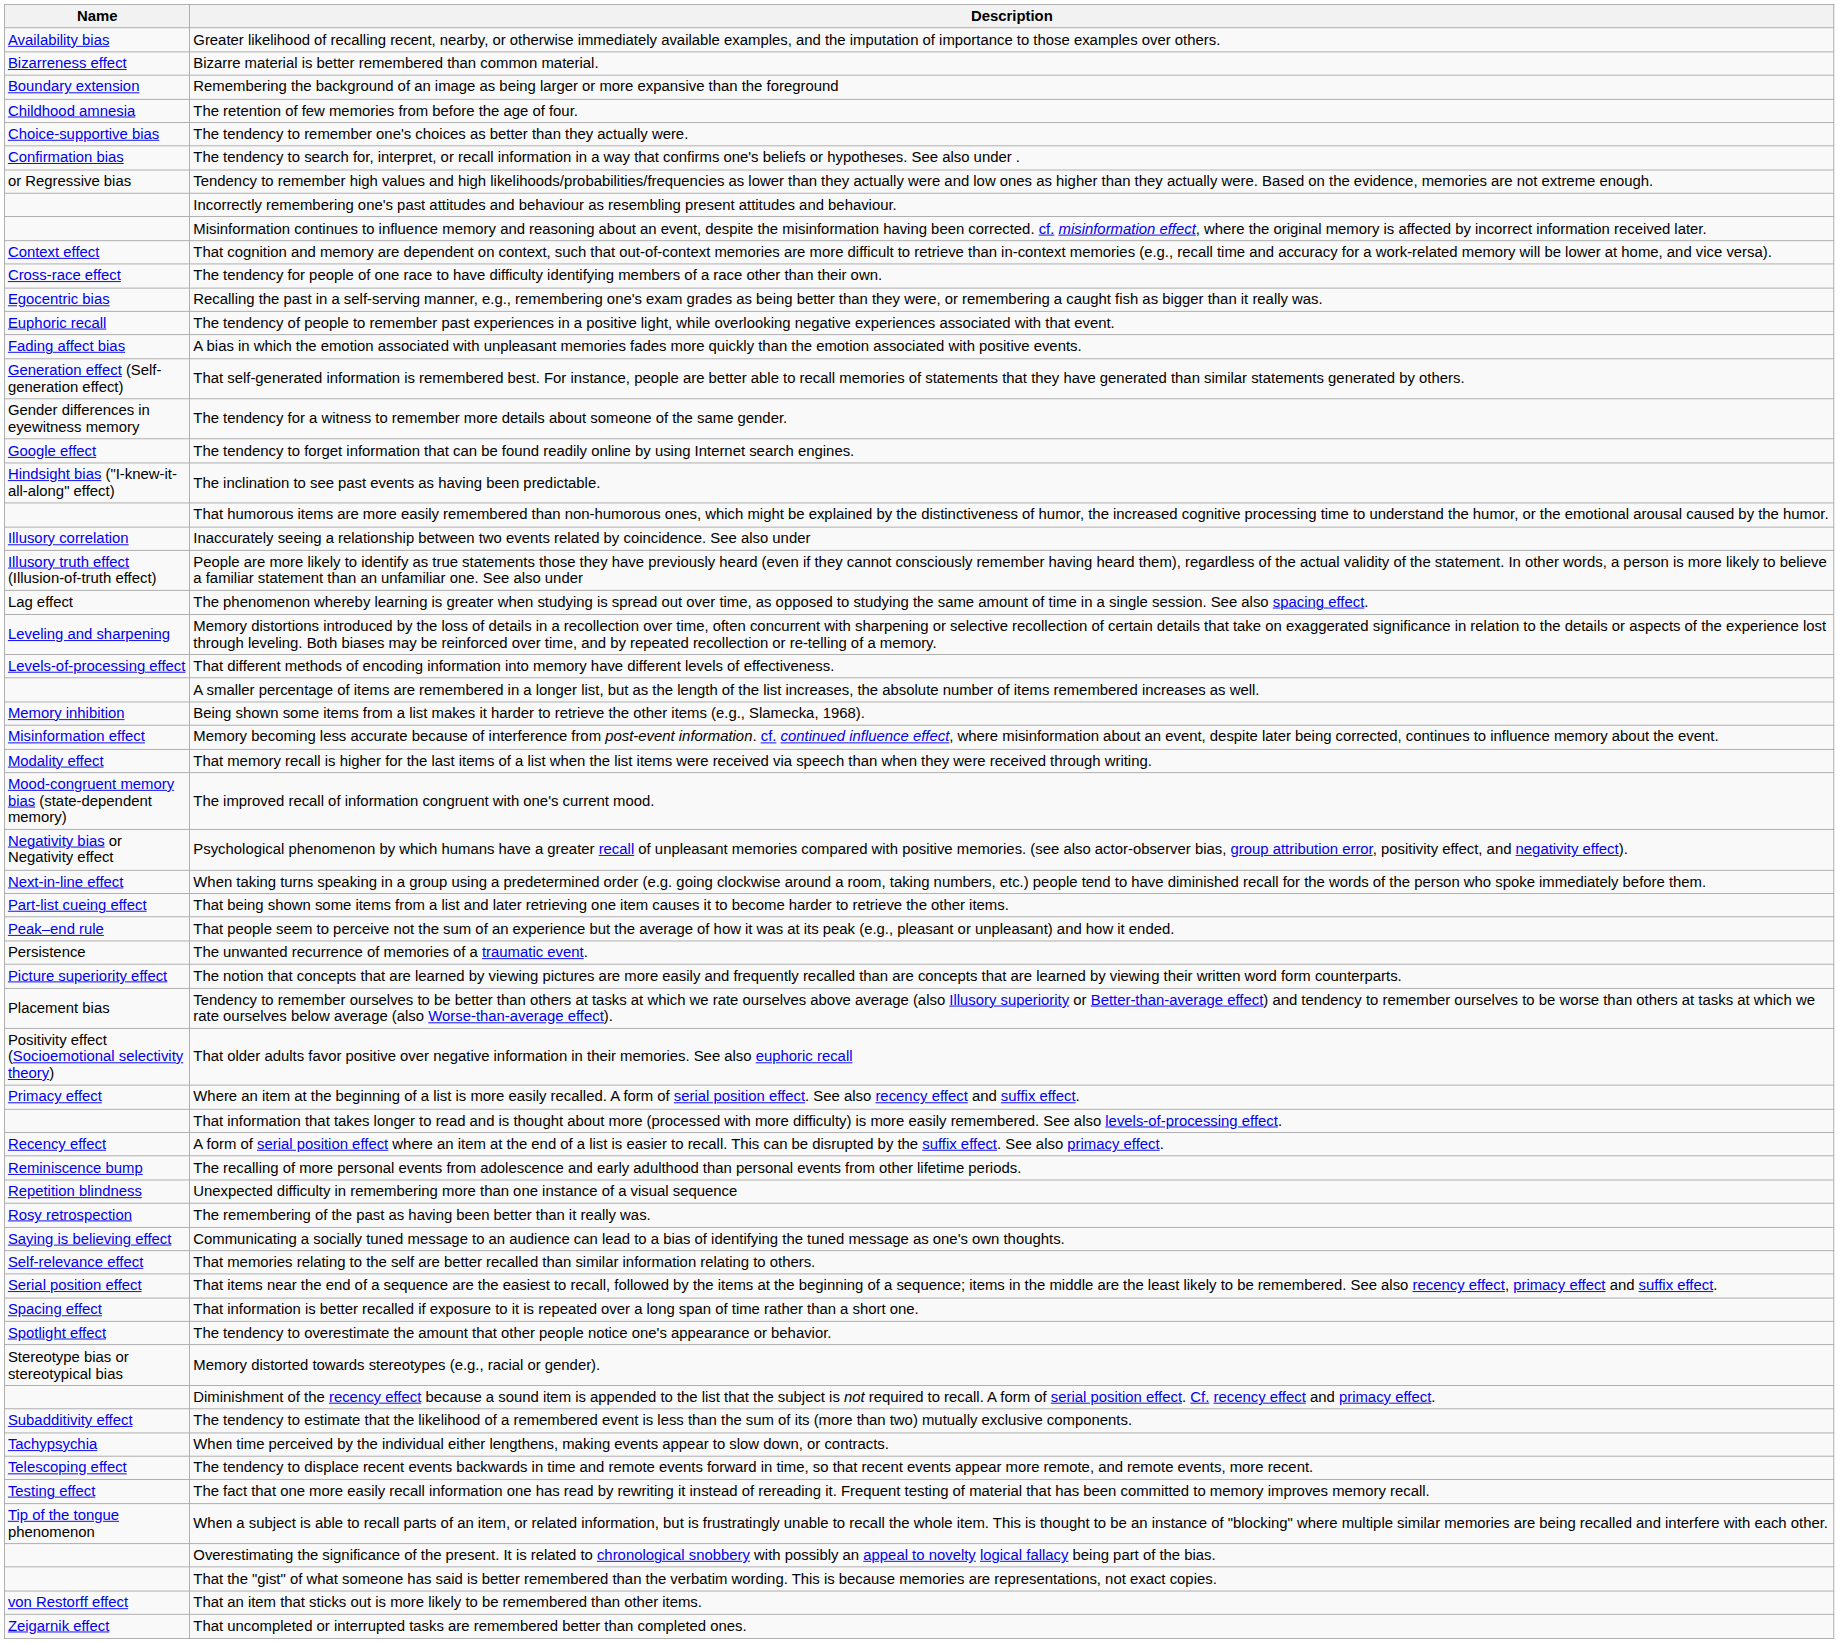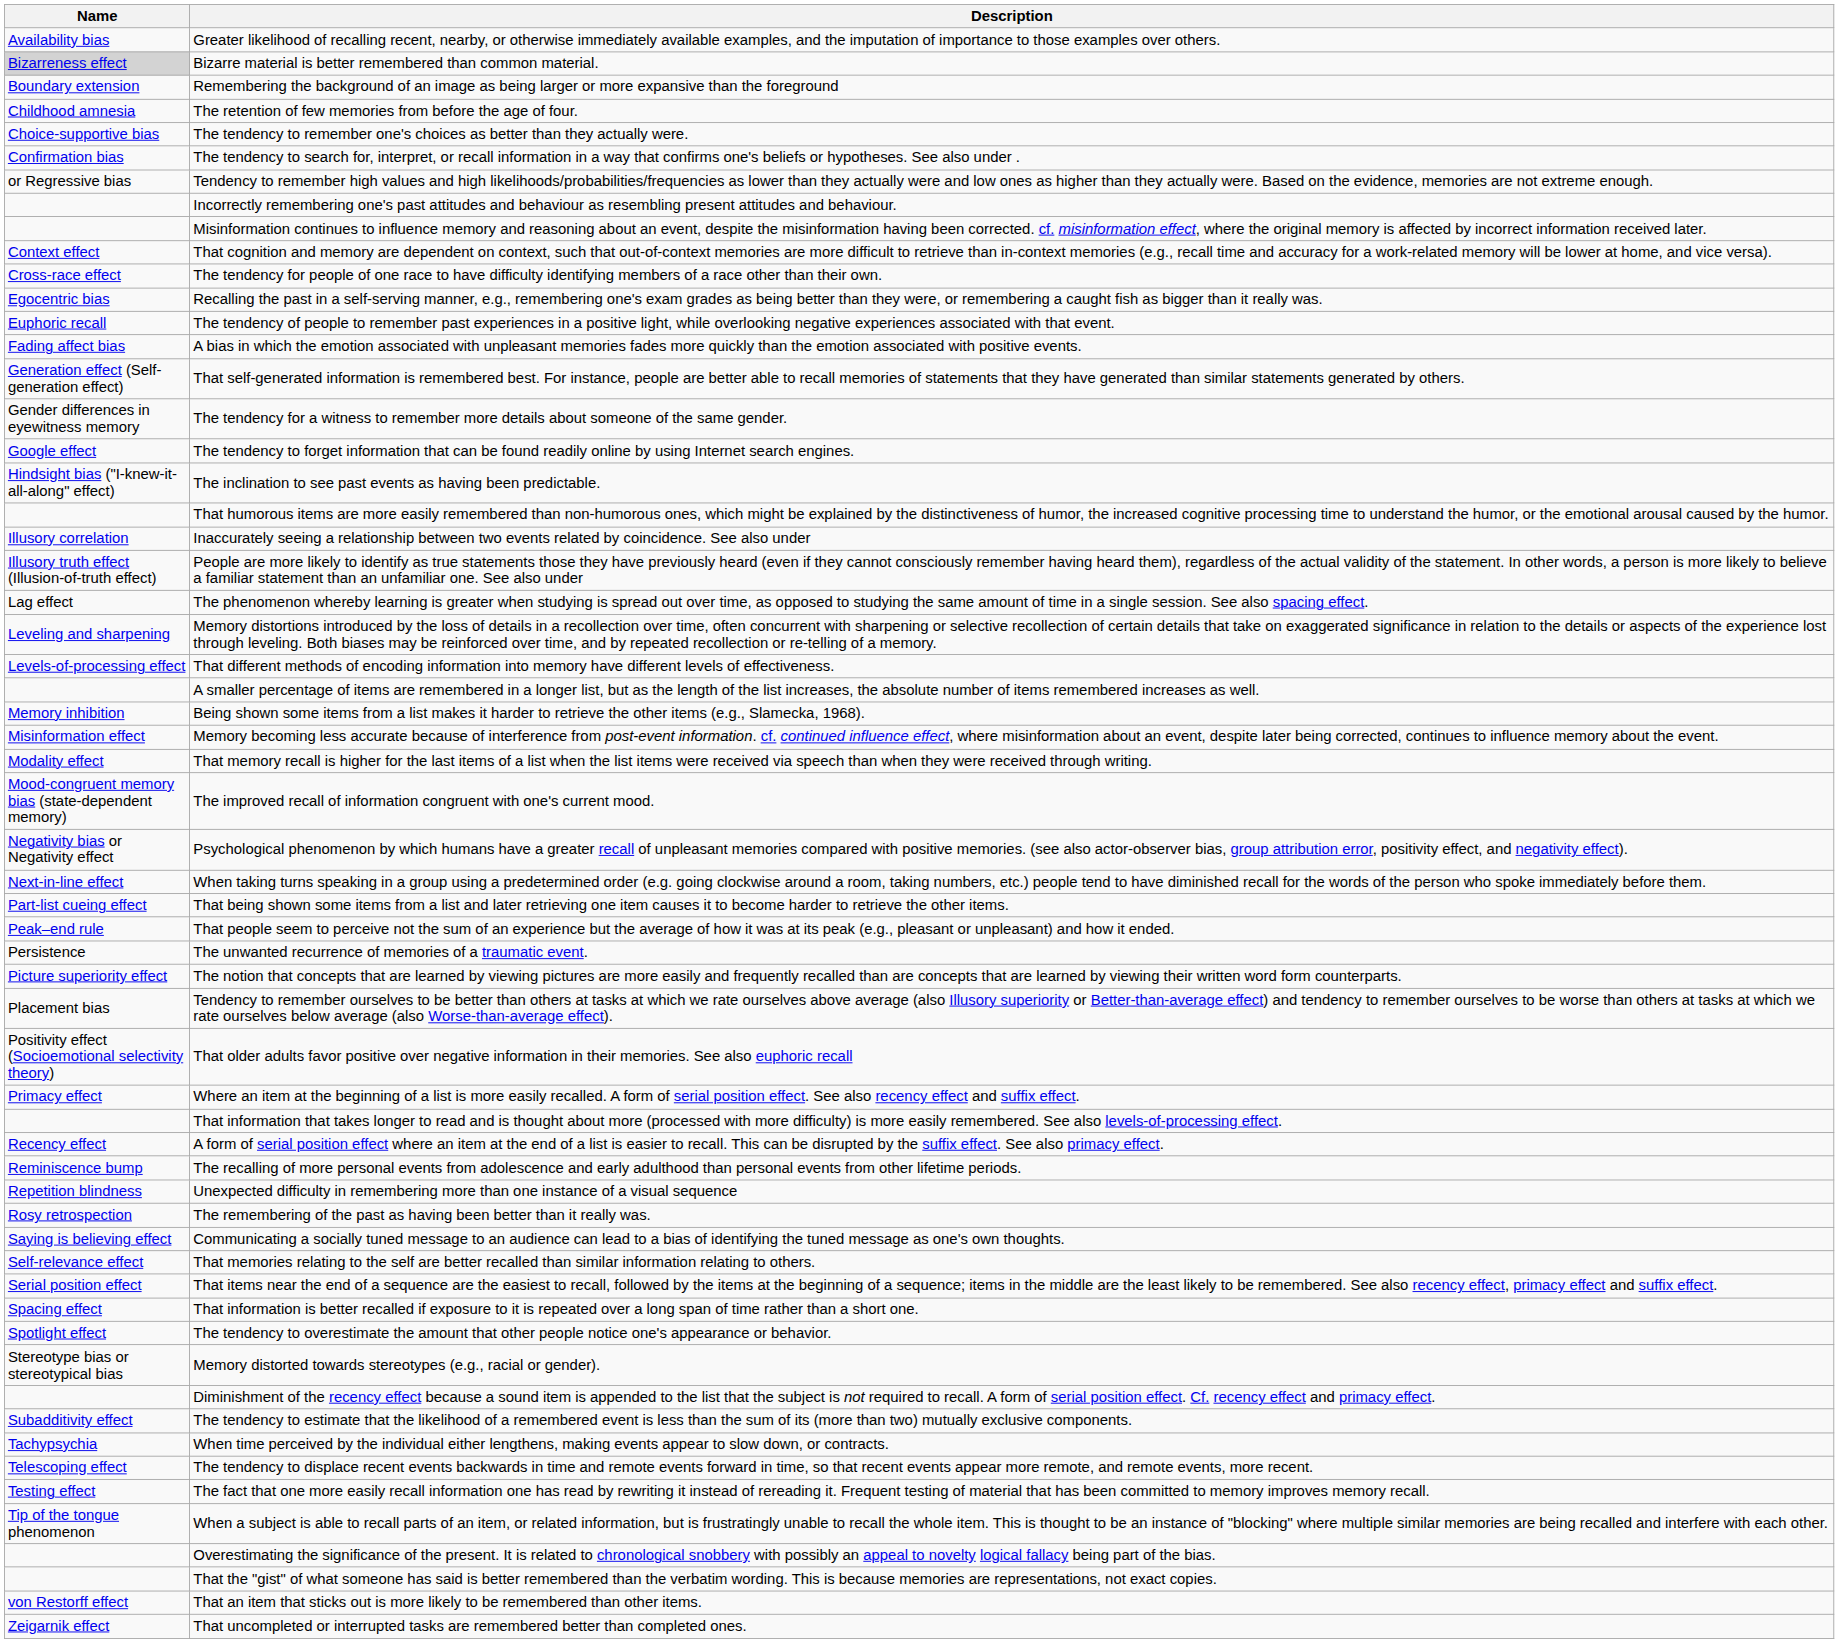 <table class="wikitable sortable">
 <tr>
 <th scope="col" style="width:12em;">Name</th>
 <th scope="col">Description</th>
 </tr>
 <tr>
 <td><a href='#'>Availability bias</a></td>
 <td>Greater likelihood of recalling recent, nearby, or otherwise immediately available examples, and the imputation of importance to those examples over others.</td>
 </tr>
 <tr>
-<td><a href='#'>Bizarreness effect</a></td>
+<td style="background: lightgrey;"><a href='#'>Bizarreness effect</a></td>
 <td>Bizarre material is better remembered than common material.</td>
 </tr>
 <tr>
 <td><a href='#'>Boundary extension</a></td>
 <td>Remembering the background of an image as being larger or more expansive than the foreground</td>
 </tr>
 <tr>
 <td><a href='#'>Childhood amnesia</a></td>
 <td>The retention of few memories from before the age of four.</td>
 </tr>
 <tr>
 <td><a href='#'>Choice-supportive bias</a></td>
 <td>The tendency to remember one's choices as better than they actually were.</td>
 </tr>
 <tr>
 <td><a href='#'>Confirmation bias</a></td>
 <td>The tendency to search for, interpret, or recall information in a way that confirms one's beliefs or hypotheses. See also under .</td>
 </tr>
 <tr>
 <td> or Regressive bias</td>
 <td>Tendency to remember high values and high likelihoods/probabilities/frequencies as lower than they actually were and low ones as higher than they actually were. Based on the evidence, memories are not extreme enough.</td>
 </tr>
 <tr>
 <td></td>
 <td>Incorrectly remembering one's past attitudes and behaviour as resembling present attitudes and behaviour.</td>
 </tr>
 <tr>
 <td></td>
 <td>Misinformation continues to influence memory and reasoning about an event, despite the misinformation having been corrected. <a href='#'>cf.</a> <em><a href='#'>misinformation effect</a></em>, where the original memory is affected by incorrect information received later.</td>
 </tr>
 <tr>
 <td><a href='#'>Context effect</a></td>
 <td>That cognition and memory are dependent on context, such that out-of-context memories are more difficult to retrieve than in-context memories (e.g., recall time and accuracy for a work-related memory will be lower at home, and vice versa).</td>
 </tr>
 <tr>
 <td><a href='#'>Cross-race effect</a></td>
 <td>The tendency for people of one race to have difficulty identifying members of a race other than their own.</td>
 </tr>
 <tr>
 <td><a href='#'>Egocentric bias</a></td>
 <td>Recalling the past in a self-serving manner, e.g., remembering one's exam grades as being better than they were, or remembering a caught fish as bigger than it really was.</td>
 </tr>
 <tr>
 <td><a href='#'>Euphoric recall</a></td>
 <td>The tendency of people to remember past experiences in a positive light, while overlooking negative experiences associated with that event.</td>
 </tr>
 <tr>
 <td><a href='#'>Fading affect bias</a></td>
 <td>A bias in which the emotion associated with unpleasant memories fades more quickly than the emotion associated with positive events.</td>
 </tr>
 <tr>
 <td><a href='#'>Generation effect</a> (Self-generation effect)</td>
 <td>That self-generated information is remembered best. For instance, people are better able to recall memories of statements that they have generated than similar statements generated by others.</td>
 </tr>
 <tr>
 <td>Gender differences in eyewitness memory</td>
 <td>The tendency for a witness to remember more details about someone of the same gender.</td>
 </tr>
 <tr>
 <td><a href='#'>Google effect</a></td>
 <td>The tendency to forget information that can be found readily online by using Internet search engines.</td>
 </tr>
 <tr>
 <td><a href='#'>Hindsight bias</a> ("I-knew-it-all-along" effect)</td>
 <td>The inclination to see past events as having been predictable.</td>
 </tr>
 <tr>
 <td></td>
 <td>That humorous items are more easily remembered than non-humorous ones, which might be explained by the distinctiveness of humor, the increased cognitive processing time to understand the humor, or the emotional arousal caused by the humor.</td>
 </tr>
 <tr>
 <td><a href='#'>Illusory correlation</a></td>
 <td>Inaccurately seeing a relationship between two events related by coincidence. See also under </td>
 </tr>
 <tr>
 <td><a href='#'>Illusory truth effect</a> (Illusion-of-truth effect)</td>
 <td>People are more likely to identify as true statements those they have previously heard (even if they cannot consciously remember having heard them), regardless of the actual validity of the statement. In other words, a person is more likely to believe a familiar statement than an unfamiliar one. See also under </td>
 </tr>
 <tr>
 <td>Lag effect</td>
 <td>The phenomenon whereby learning is greater when studying is spread out over time, as opposed to studying the same amount of time in a single session. See also <a href='#'>spacing effect</a>.</td>
 </tr>
 <tr>
 <td><a href='#'>Leveling and sharpening</a></td>
 <td>Memory distortions introduced by the loss of details in a recollection over time, often concurrent with sharpening or selective recollection of certain details that take on exaggerated significance in relation to the details or aspects of the experience lost through leveling. Both biases may be reinforced over time, and by repeated recollection or re-telling of a memory.</td>
 </tr>
 <tr>
 <td><a href='#'>Levels-of-processing effect</a></td>
 <td>That different methods of encoding information into memory have different levels of effectiveness.</td>
 </tr>
 <tr>
 <td></td>
 <td>A smaller percentage of items are remembered in a longer list, but as the length of the list increases, the absolute number of items remembered increases as well.</td>
 </tr>
 <tr>
 <td><a href='#'>Memory inhibition</a></td>
 <td>Being shown some items from a list makes it harder to retrieve the other items (e.g., Slamecka, 1968).</td>
 </tr>
 <tr>
 <td><a href='#'>Misinformation effect</a></td>
 <td>Memory becoming less accurate because of interference from <em>post-event information</em>. <a href='#'>cf.</a> <em><a href='#'>continued influence effect</a></em>, where misinformation about an event, despite later being corrected, continues to influence memory about the event.</td>
 </tr>
 <tr>
 <td><a href='#'>Modality effect</a></td>
 <td>That memory recall is higher for the last items of a list when the list items were received via speech than when they were received through writing.</td>
 </tr>
 <tr>
 <td><a href='#'>Mood-congruent memory bias</a> (state-dependent memory)</td>
 <td>The improved recall of information congruent with one's current mood.</td>
 </tr>
 <tr>
 <td><a href='#'>Negativity bias</a> or Negativity effect</td>
 <td>Psychological phenomenon by which humans have a greater <a href='#'>recall</a> of unpleasant memories compared with positive memories. (see also actor-observer bias, <a href='#'>group attribution error</a>, positivity effect, and <a href='#'>negativity effect</a>).</td>
 </tr>
 <tr>
 <td><a href='#'>Next-in-line effect</a></td>
 <td>When taking turns speaking in a group using a predetermined order (e.g. going clockwise around a room, taking numbers, etc.) people tend to have diminished recall for the words of the person who spoke immediately before them.</td>
 </tr>
 <tr>
 <td><a href='#'>Part-list cueing effect</a></td>
 <td>That being shown some items from a list and later retrieving one item causes it to become harder to retrieve the other items.</td>
 </tr>
 <tr>
 <td><a href='#'>Peak–end rule</a></td>
 <td>That people seem to perceive not the sum of an experience but the average of how it was at its peak (e.g., pleasant or unpleasant) and how it ended.</td>
 </tr>
 <tr>
 <td>Persistence</td>
 <td>The unwanted recurrence of memories of a <a href='#'>traumatic event</a>.</td>
 </tr>
 <tr>
 <td><a href='#'>Picture superiority effect</a></td>
 <td>The notion that concepts that are learned by viewing pictures are more easily and frequently recalled than are concepts that are learned by viewing their written word form counterparts.</td>
 </tr>
 <tr>
 <td>Placement bias</td>
 <td>Tendency to remember ourselves to be better than others at tasks at which we rate ourselves above average (also <a href='#'>Illusory superiority</a> or <a href='#'>Better-than-average effect</a>) and tendency to remember ourselves to be worse than others at tasks at which we rate ourselves below average (also <a href='#'>Worse-than-average effect</a>).</td>
 </tr>
 <tr>
 <td>Positivity effect (<a href='#'>Socioemotional selectivity theory</a>)</td>
 <td>That older adults favor positive over negative information in their memories. See also <a href='#'>euphoric recall</a></td>
 </tr>
 <tr>
 <td><a href='#'>Primacy effect</a></td>
 <td>Where an item at the beginning of a list is more easily recalled. A form of <a href='#'>serial position effect</a>. See also <a href='#'>recency effect</a> and <a href='#'>suffix effect</a>.</td>
 </tr>
 <tr>
 <td></td>
 <td>That information that takes longer to read and is thought about more (processed with more difficulty) is more easily remembered. See also <a href='#'>levels-of-processing effect</a>.</td>
 </tr>
 <tr>
 <td><a href='#'>Recency effect</a></td>
 <td>A form of <a href='#'>serial position effect</a> where an item at the end of a list is easier to recall. This can be disrupted by the <a href='#'>suffix effect</a>. See also <a href='#'>primacy effect</a>.</td>
 </tr>
 <tr>
 <td><a href='#'>Reminiscence bump</a></td>
 <td>The recalling of more personal events from adolescence and early adulthood than personal events from other lifetime periods.</td>
 </tr>
 <tr>
 <td><a href='#'>Repetition blindness</a></td>
 <td>Unexpected difficulty in remembering more than one instance of a visual sequence</td>
 </tr>
 <tr>
 <td><a href='#'>Rosy retrospection</a></td>
 <td>The remembering of the past as having been better than it really was.</td>
 </tr>
 <tr>
 <td><a href='#'>Saying is believing effect</a></td>
 <td>Communicating a socially tuned message to an audience can lead to a bias of identifying the tuned message as one's own thoughts.</td>
 </tr>
 <tr>
 <td><a href='#'>Self-relevance effect</a></td>
 <td>That memories relating to the self are better recalled than similar information relating to others.</td>
 </tr>
 <tr>
 <td><a href='#'>Serial position effect</a></td>
 <td>That items near the end of a sequence are the easiest to recall, followed by the items at the beginning of a sequence; items in the middle are the least likely to be remembered. See also <a href='#'>recency effect</a>, <a href='#'>primacy effect</a> and <a href='#'>suffix effect</a>.</td>
 </tr>
 <tr>
 <td><a href='#'>Spacing effect</a></td>
 <td>That information is better recalled if exposure to it is repeated over a long span of time rather than a short one.</td>
 </tr>
 <tr>
 <td><a href='#'>Spotlight effect</a></td>
 <td>The tendency to overestimate the amount that other people notice one's appearance or behavior.</td>
 </tr>
 <tr>
 <td>Stereotype bias or stereotypical bias</td>
 <td>Memory distorted towards stereotypes (e.g., racial or gender).</td>
 </tr>
 <tr>
 <td></td>
 <td>Diminishment of the <a href='#'>recency effect</a> because a sound item is appended to the list that the subject is <em>not</em> required to recall. A form of <a href='#'>serial position effect</a>. <a href='#'>Cf.</a> <a href='#'>recency effect</a> and <a href='#'>primacy effect</a>.</td>
 </tr>
 <tr>
 <td><a href='#'>Subadditivity effect</a></td>
 <td>The tendency to estimate that the likelihood of a remembered event is less than the sum of its (more than two) mutually exclusive components.</td>
 </tr>
 <tr>
 <td><a href='#'>Tachypsychia</a></td>
 <td>When time perceived by the individual either lengthens, making events appear to slow down, or contracts.</td>
 </tr>
 <tr>
 <td><a href='#'>Telescoping effect</a></td>
 <td>The tendency to displace recent events backwards in time and remote events forward in time, so that recent events appear more remote, and remote events, more recent.</td>
 </tr>
 <tr>
 <td><a href='#'>Testing effect</a></td>
 <td>The fact that one more easily recall information one has read by rewriting it instead of rereading it. Frequent testing of material that has been committed to memory improves memory recall.</td>
 </tr>
 <tr>
 <td><a href='#'>Tip of the tongue</a> phenomenon</td>
 <td>When a subject is able to recall parts of an item, or related information, but is frustratingly unable to recall the whole item. This is thought to be an instance of "blocking" where multiple similar memories are being recalled and interfere with each other.</td>
 </tr>
 <tr>
 <td></td>
 <td>Overestimating the significance of the present. It is related to <a href='#'>chronological snobbery</a> with possibly an <a href='#'>appeal to novelty</a> <a href='#'>logical fallacy</a> being part of the bias.</td>
 </tr>
 <tr>
 <td></td>
 <td>That the "gist" of what someone has said is better remembered than the verbatim wording. This is because memories are representations, not exact copies.</td>
 </tr>
 <tr>
 <td><a href='#'>von Restorff effect</a></td>
 <td>That an item that sticks out is more likely to be remembered than other items.</td>
 </tr>
 <tr>
 <td><a href='#'>Zeigarnik effect</a></td>
 <td>That uncompleted or interrupted tasks are remembered better than completed ones.</td>
 </tr>
 </table>
